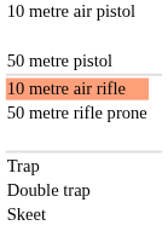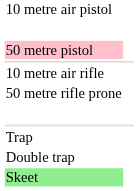 <table>
 <tr>
 <td>10 metre air pistol <br></td>
 <td></td>
 <td></td>
 <td></td>
 </tr>
 <tr>
 <td> <br></td>
 <td></td>
 <td></td>
 <td></td>
 </tr>
 <tr>
-<td>50 metre pistol <br></td>
+<td style="background: pink;">50 metre pistol <br></td>
 <td></td>
 <td></td>
 <td></td>
 </tr>
 <tr bgcolor=#DDDDDD>
 <td colspan=7></td>
 </tr>
 <tr>
-<td style="background: lightsalmon;">10 metre air rifle <br></td>
+<td>10 metre air rifle <br></td>
 <td></td>
 <td></td>
 <td></td>
 </tr>
 <tr>
 <td>50 metre rifle prone <br></td>
 <td></td>
 <td></td>
 <td></td>
 </tr>
 <tr>
 <td> <br></td>
 <td></td>
 <td></td>
 <td></td>
 </tr>
 <tr bgcolor=#DDDDDD>
 <td colspan=7></td>
 </tr>
 <tr>
 <td>Trap <br></td>
 <td></td>
 <td></td>
 <td></td>
 </tr>
 <tr>
 <td>Double trap <br></td>
 <td></td>
 <td></td>
 <td></td>
 </tr>
 <tr>
-<td>Skeet <br></td>
+<td style="background: lightgreen;">Skeet <br></td>
 <td></td>
 <td></td>
 <td></td>
 </tr>
 </table>
